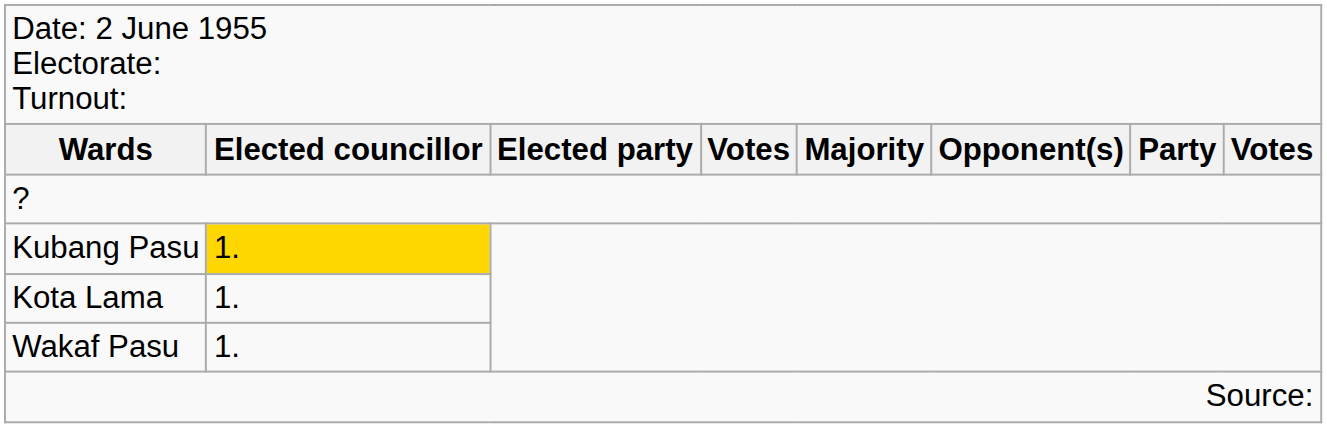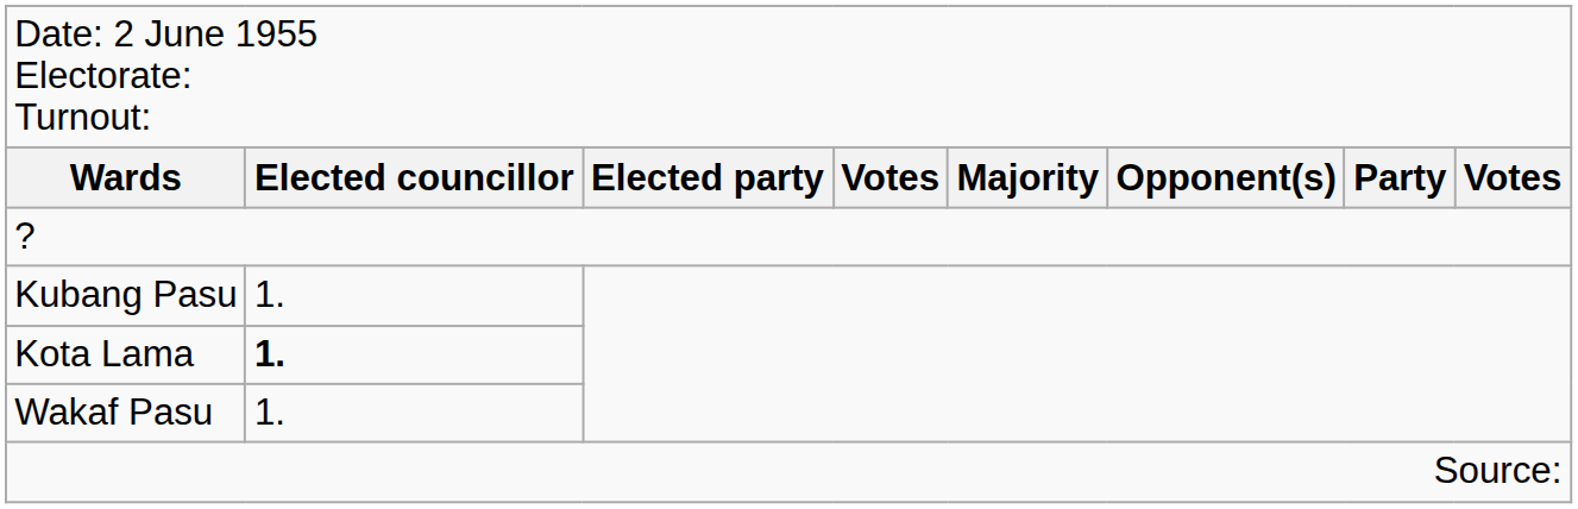 <table class=wikitable>
 <tr>
 <td colspan=8>Date: 2 June 1955<br>Electorate: <br>Turnout:</td>
 </tr>
 <tr>
 <th>Wards</th>
 <th>Elected councillor</th>
 <th>Elected party</th>
 <th>Votes</th>
 <th>Majority</th>
 <th>Opponent(s)</th>
 <th>Party</th>
 <th>Votes</th>
 </tr>
 <tr>
 <td colspan=8>? </td>
 </tr>
 <tr>
 <td>Kubang Pasu</td>
-<td style="background: gold;">1.</td>
+<td>1.</td>
 </tr>
 <tr>
 <td>Kota Lama</td>
-<td>1.</td>
+<td><strong>1.</strong></td>
 </tr>
 <tr>
 <td>Wakaf Pasu</td>
 <td>1.</td>
 </tr>
 <tr>
 <td colspan="8" style="text-align:right;">Source: </td>
 </tr>
 </table>
